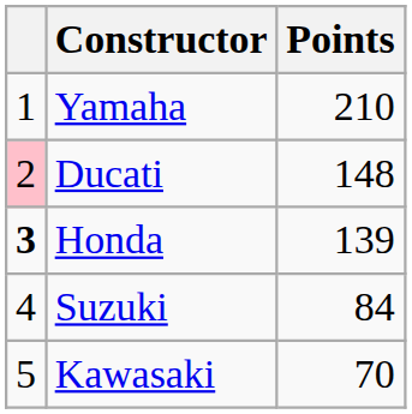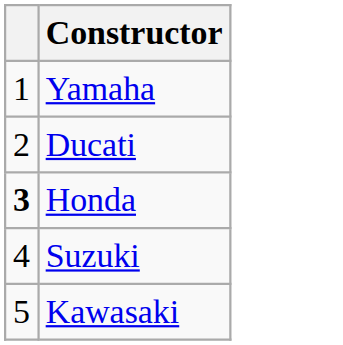 <table class="wikitable" style="font-size: 95%;">
 <tr>
 <th></th>
 <th>Constructor</th>
-<th>Points</th>
 </tr>
 <tr>
 <td align=center>1</td>
 <td> <a href='#'>Yamaha</a></td>
-<td align=right>210</td>
 </tr>
 <tr>
-<td align=center style="background: pink;">2</td>
+<td align=center>2</td>
 <td> <a href='#'>Ducati</a></td>
-<td align=right>148</td>
 </tr>
 <tr>
 <td align=center><strong>3</strong></td>
 <td> <a href='#'>Honda</a></td>
-<td align=right>139</td>
 </tr>
 <tr>
 <td align=center>4</td>
 <td> <a href='#'>Suzuki</a></td>
-<td align=right>84</td>
 </tr>
 <tr>
 <td align=center>5</td>
 <td> <a href='#'>Kawasaki</a></td>
-<td align=right>70</td>
 </tr>
 </table>
